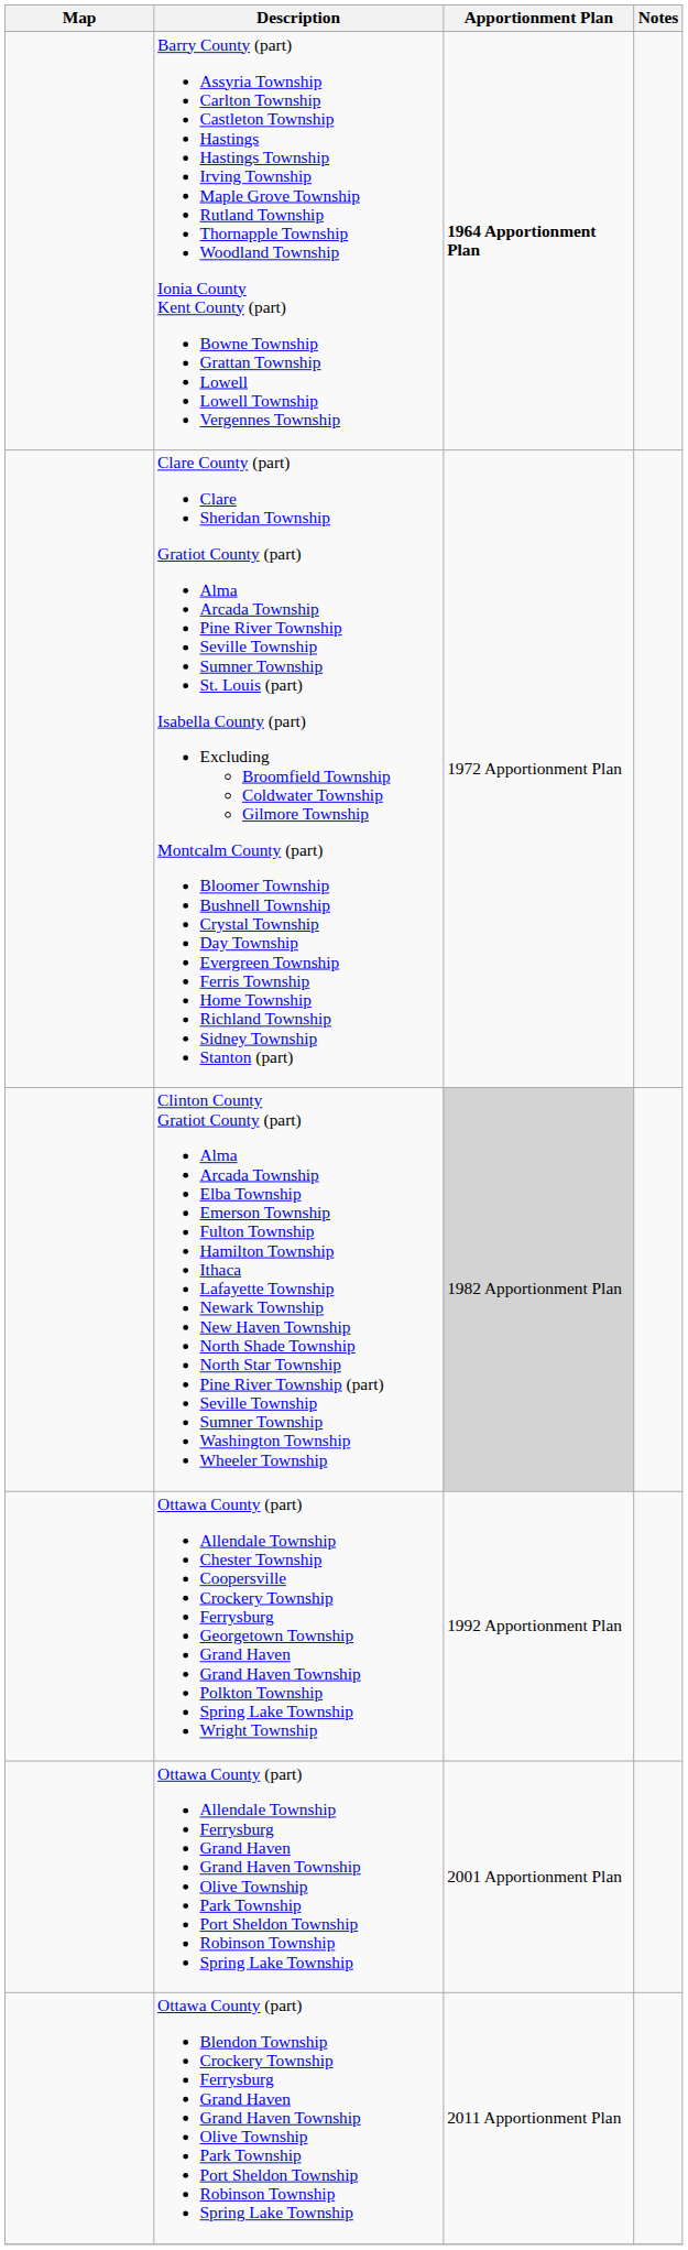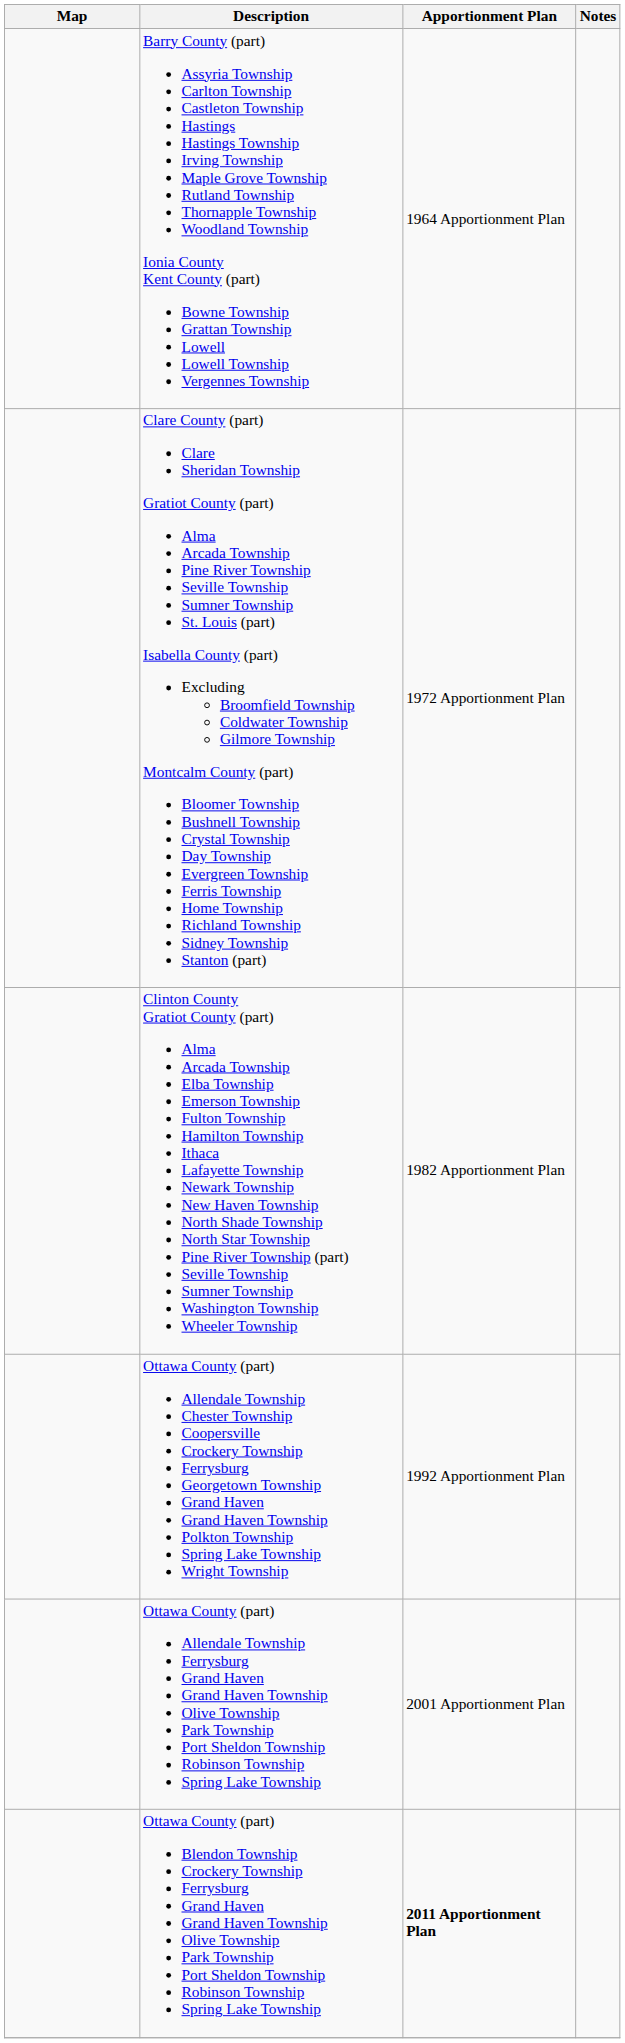 <table class="wikitable sortable">
 <tr>
 <th style="width:100pt;">Map</th>
 <th style="width:200pt;">Description</th>
 <th style="width:130pt;">Apportionment Plan</th>
 <th style="width:15pt;">Notes</th>
 </tr>
 <tr>
 <td></td>
 <td><a href='#'>Barry County</a> (part)<br><ul><li><a href='#'>Assyria Township</a></li><li><a href='#'>Carlton Township</a></li><li><a href='#'>Castleton Township</a></li><li><a href='#'>Hastings</a></li><li><a href='#'>Hastings Township</a></li><li><a href='#'>Irving Township</a></li><li><a href='#'>Maple Grove Township</a></li><li><a href='#'>Rutland Township</a></li><li><a href='#'>Thornapple Township</a></li><li><a href='#'>Woodland Township</a></li></ul><a href='#'>Ionia County</a><br><a href='#'>Kent County</a> (part)<ul><li><a href='#'>Bowne Township</a></li><li><a href='#'>Grattan Township</a></li><li><a href='#'>Lowell</a></li><li><a href='#'>Lowell Township</a></li><li><a href='#'>Vergennes Township</a></li></ul></td>
-<td><strong>1964 Apportionment Plan</strong></td>
+<td>1964 Apportionment Plan</td>
 <td></td>
 </tr>
 <tr>
 <td></td>
 <td><a href='#'>Clare County</a> (part)<br><ul><li><a href='#'>Clare</a></li><li><a href='#'>Sheridan Township</a></li></ul><a href='#'>Gratiot County</a> (part)<ul><li><a href='#'>Alma</a></li><li><a href='#'>Arcada Township</a></li><li><a href='#'>Pine River Township</a></li><li><a href='#'>Seville Township</a></li><li><a href='#'>Sumner Township</a></li><li><a href='#'>St. Louis</a> (part)</li></ul><a href='#'>Isabella County</a> (part)<ul><li>Excluding<ul><li><a href='#'>Broomfield Township</a></li><li><a href='#'>Coldwater Township</a></li><li><a href='#'>Gilmore Township</a></li></ul></li></ul><a href='#'>Montcalm County</a> (part)<ul><li><a href='#'>Bloomer Township</a></li><li><a href='#'>Bushnell Township</a></li><li><a href='#'>Crystal Township</a></li><li><a href='#'>Day Township</a></li><li><a href='#'>Evergreen Township</a></li><li><a href='#'>Ferris Township</a></li><li><a href='#'>Home Township</a></li><li><a href='#'>Richland Township</a></li><li><a href='#'>Sidney Township</a></li><li><a href='#'>Stanton</a> (part)</li></ul></td>
 <td>1972 Apportionment Plan</td>
 <td></td>
 </tr>
 <tr>
 <td></td>
 <td><a href='#'>Clinton County</a><br><a href='#'>Gratiot County</a> (part)<ul><li><a href='#'>Alma</a></li><li><a href='#'>Arcada Township</a></li><li><a href='#'>Elba Township</a></li><li><a href='#'>Emerson Township</a></li><li><a href='#'>Fulton Township</a></li><li><a href='#'>Hamilton Township</a></li><li><a href='#'>Ithaca</a></li><li><a href='#'>Lafayette Township</a></li><li><a href='#'>Newark Township</a></li><li><a href='#'>New Haven Township</a></li><li><a href='#'>North Shade Township</a></li><li><a href='#'>North Star Township</a></li><li><a href='#'>Pine River Township</a> (part)</li><li><a href='#'>Seville Township</a></li><li><a href='#'>Sumner Township</a></li><li><a href='#'>Washington Township</a></li><li><a href='#'>Wheeler Township</a></li></ul></td>
-<td style="background: lightgrey;">1982 Apportionment Plan</td>
+<td>1982 Apportionment Plan</td>
 <td></td>
 </tr>
 <tr>
 <td></td>
 <td><a href='#'>Ottawa County</a> (part)<br><ul><li><a href='#'>Allendale Township</a></li><li><a href='#'>Chester Township</a></li><li><a href='#'>Coopersville</a></li><li><a href='#'>Crockery Township</a></li><li><a href='#'>Ferrysburg</a></li><li><a href='#'>Georgetown Township</a></li><li><a href='#'>Grand Haven</a></li><li><a href='#'>Grand Haven Township</a></li><li><a href='#'>Polkton Township</a></li><li><a href='#'>Spring Lake Township</a></li><li><a href='#'>Wright Township</a></li></ul></td>
 <td>1992 Apportionment Plan</td>
 <td></td>
 </tr>
 <tr>
 <td></td>
 <td><a href='#'>Ottawa County</a> (part)<br><ul><li><a href='#'>Allendale Township</a></li><li><a href='#'>Ferrysburg</a></li><li><a href='#'>Grand Haven</a></li><li><a href='#'>Grand Haven Township</a></li><li><a href='#'>Olive Township</a></li><li><a href='#'>Park Township</a></li><li><a href='#'>Port Sheldon Township</a></li><li><a href='#'>Robinson Township</a></li><li><a href='#'>Spring Lake Township</a></li></ul></td>
 <td>2001 Apportionment Plan</td>
 <td></td>
 </tr>
 <tr>
 <td></td>
 <td><a href='#'>Ottawa County</a> (part)<br><ul><li><a href='#'>Blendon Township</a></li><li><a href='#'>Crockery Township</a></li><li><a href='#'>Ferrysburg</a></li><li><a href='#'>Grand Haven</a></li><li><a href='#'>Grand Haven Township</a></li><li><a href='#'>Olive Township</a></li><li><a href='#'>Park Township</a></li><li><a href='#'>Port Sheldon Township</a></li><li><a href='#'>Robinson Township</a></li><li><a href='#'>Spring Lake Township</a></li></ul></td>
-<td>2011 Apportionment Plan</td>
+<td><strong>2011 Apportionment Plan</strong></td>
 <td></td>
 </tr>
 <tr>
 </tr>
 </table>
